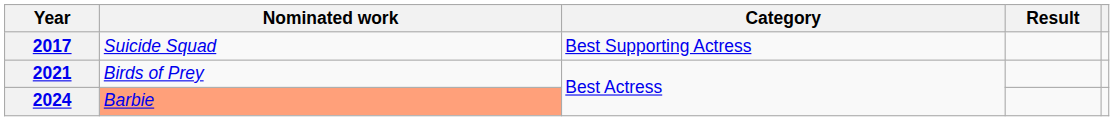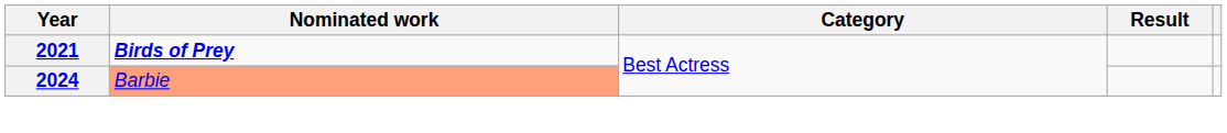 <table class=wikitable>
 <tr>
 <th scope="col" style="width:5em;">Year</th>
 <th scope="col" style="width:26em;">Nominated work</th>
 <th scope="col" style="width:25em;">Category</th>
 <th scope="col" style="width:5em;">Result</th>
 <th scope="col"></th>
 </tr>
 <tr>
-<th scope="row"><a href='#'>2017</a></th>
-<td><em><a href='#'>Suicide Squad</a></em></td>
-<td><a href='#'>Best Supporting Actress</a></td>
-<td></td>
-<td style="text-align:center;"></td>
-</tr>
-<tr>
 <th scope="row"><a href='#'>2021</a></th>
-<td><em><a href='#'>Birds of Prey</a></em></td>
+<td><strong><em><a href='#'>Birds of Prey</a></em></strong></td>
 <td rowspan="2"><a href='#'>Best Actress</a></td>
 <td></td>
 <td style="text-align:center;"></td>
 </tr>
 <tr>
 <th scope="row"><a href='#'>2024</a></th>
 <td style="background: lightsalmon;"><em><a href='#'>Barbie</a></em></td>
 <td></td>
 <td style="text-align:center;"></td>
 </tr>
 </table>
